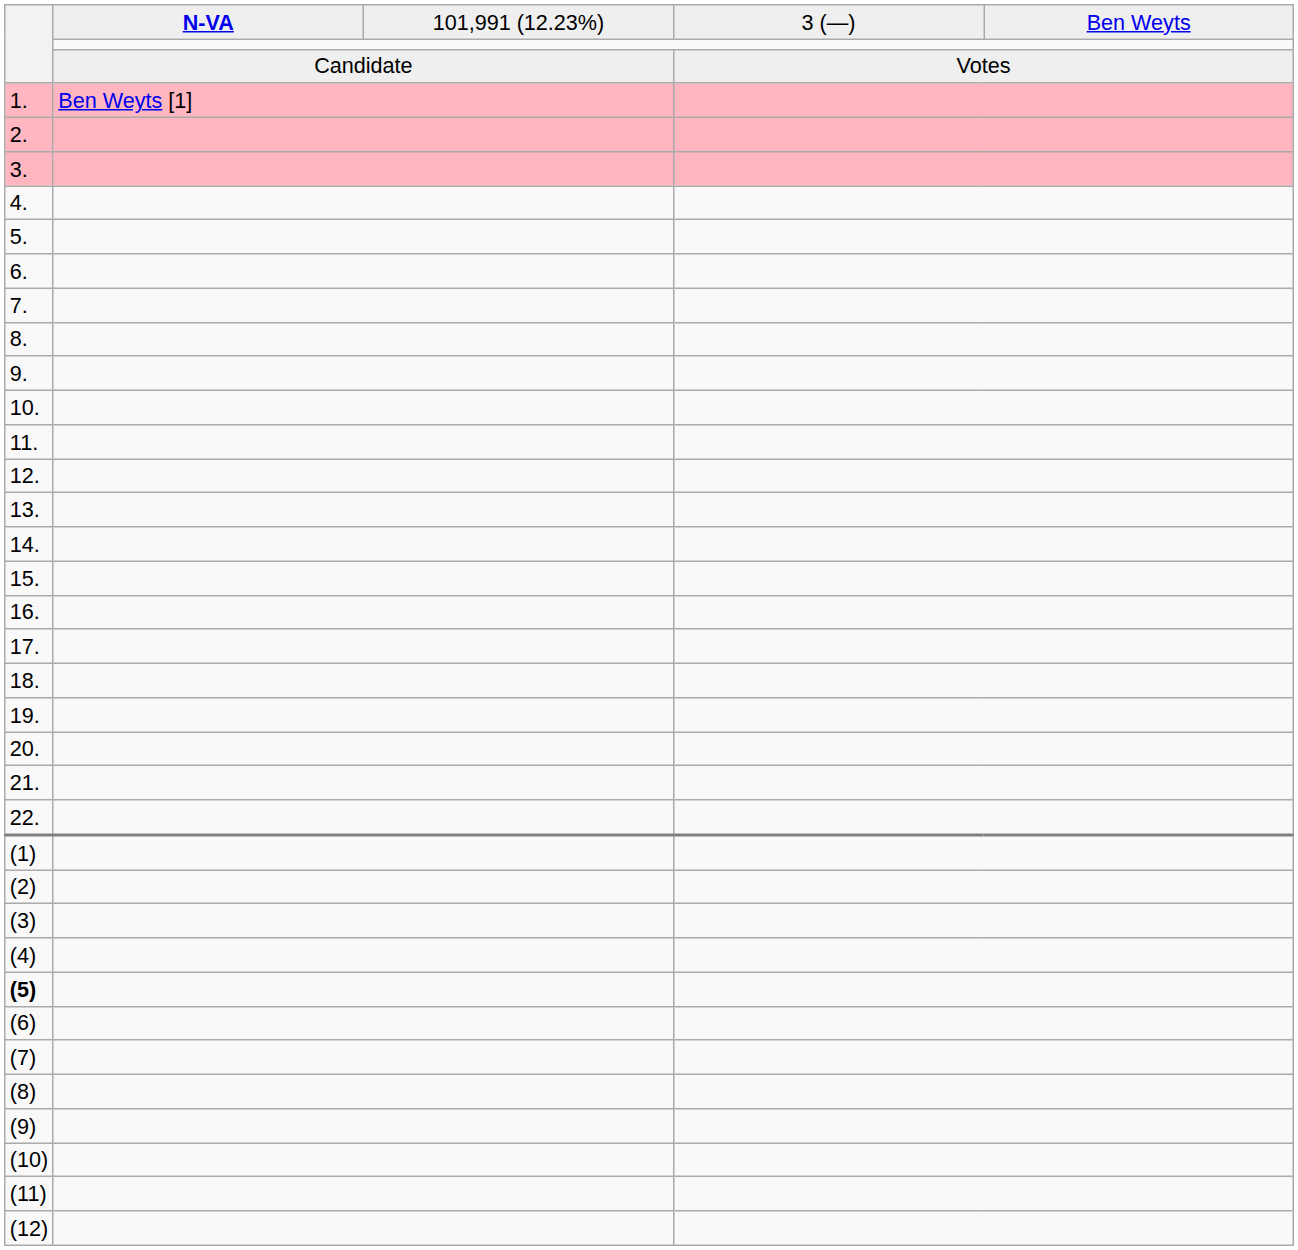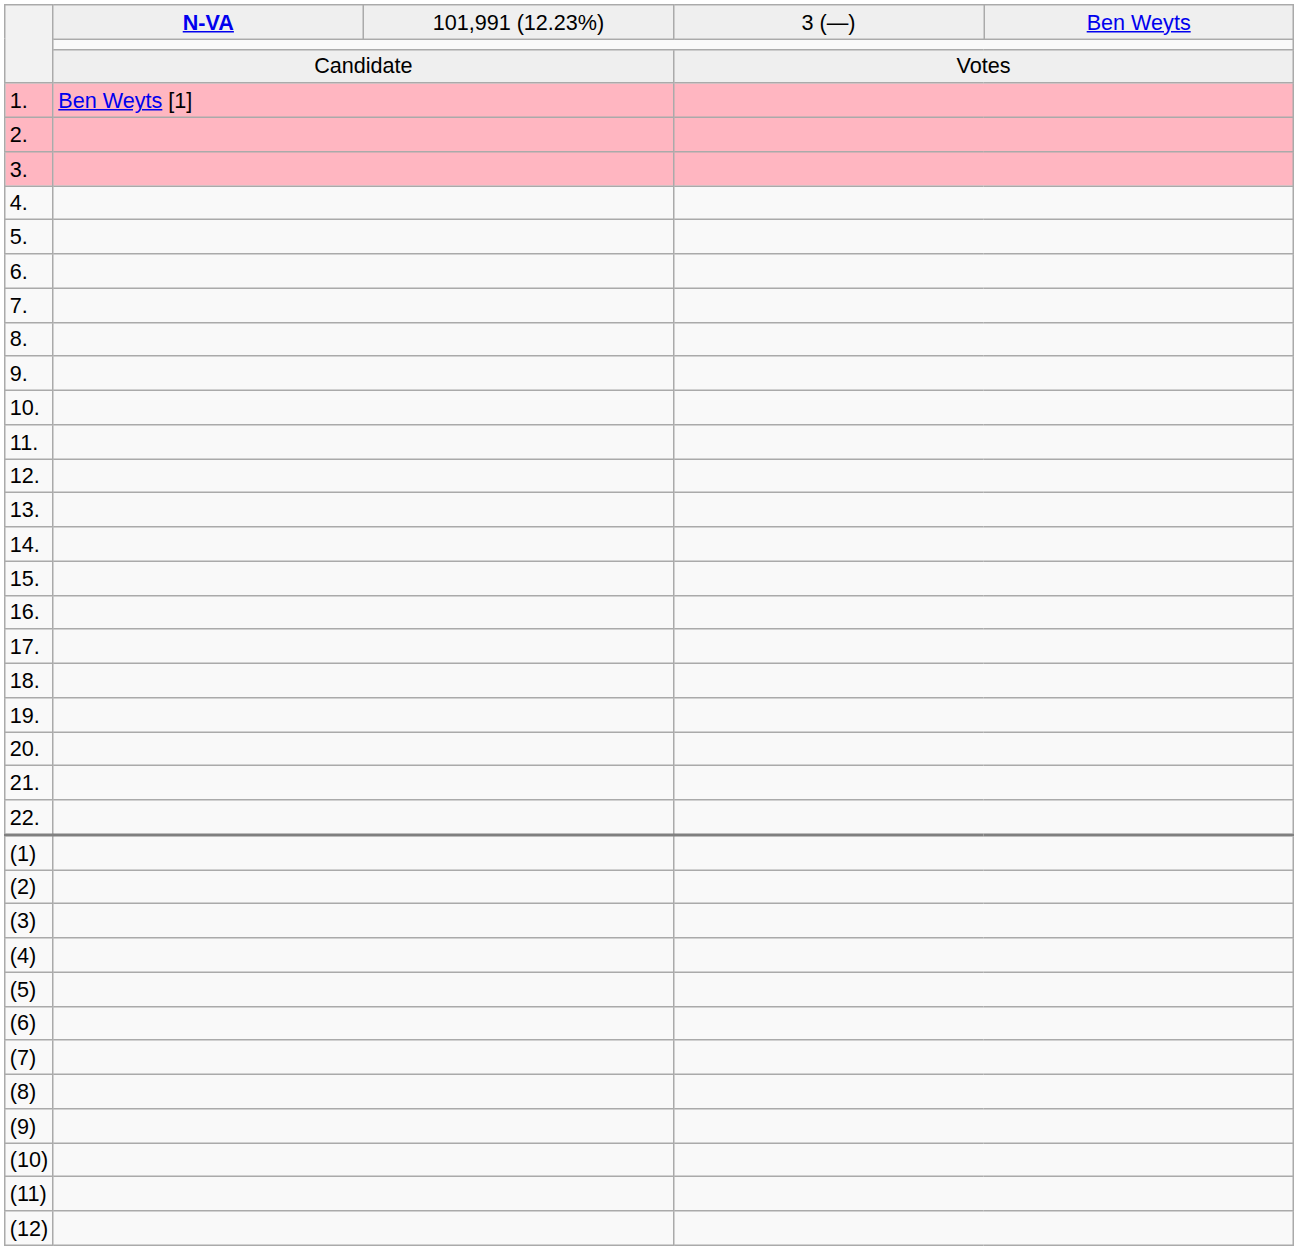 <table class="wikitable collapsible collapsed" style=text-align:left;font-size:90%>
 <tr>
 <th rowspan=3></th>
 <td bgcolor=efefef width=200 align=center><strong> <a href='#'>N-VA</a></strong></td>
 <td bgcolor=efefef width=200 align=center>101,991 (12.23%)</td>
 <td bgcolor=efefef width=200 align=center>3 (—)</td>
 <td bgcolor=efefef width=200 align=center><a href='#'>Ben Weyts</a></td>
 </tr>
 <tr>
 <td colspan=4 bgcolor=></td>
 </tr>
 <tr>
 <td bgcolor=efefef align=center colspan=2>Candidate</td>
 <td bgcolor=efefef align=center colspan=2>Votes</td>
 </tr>
 <tr bgcolor=lightpink>
 <td>1.</td>
 <td colspan=2><a href='#'>Ben Weyts</a> [1]</td>
 <td colspan=2></td>
 </tr>
 <tr bgcolor=lightpink>
 <td>2.</td>
 <td colspan=2></td>
 <td colspan=2></td>
 </tr>
 <tr bgcolor=lightpink>
 <td>3.</td>
 <td colspan=2></td>
 <td colspan=2></td>
 </tr>
 <tr>
 <td>4.</td>
 <td colspan=2></td>
 <td colspan=2></td>
 </tr>
 <tr>
 <td>5.</td>
 <td colspan=2></td>
 <td colspan=2></td>
 </tr>
 <tr>
 <td>6.</td>
 <td colspan=2></td>
 <td colspan=2></td>
 </tr>
 <tr>
 <td>7.</td>
 <td colspan=2></td>
 <td colspan=2></td>
 </tr>
 <tr>
 <td>8.</td>
 <td colspan=2></td>
 <td colspan=2></td>
 </tr>
 <tr>
 <td>9.</td>
 <td colspan=2></td>
 <td colspan=2></td>
 </tr>
 <tr>
 <td>10.</td>
 <td colspan=2></td>
 <td colspan=2></td>
 </tr>
 <tr>
 <td>11.</td>
 <td colspan=2></td>
 <td colspan=2></td>
 </tr>
 <tr>
 <td>12.</td>
 <td colspan=2></td>
 <td colspan=2></td>
 </tr>
 <tr>
 <td>13.</td>
 <td colspan=2></td>
 <td colspan=2></td>
 </tr>
 <tr>
 <td>14.</td>
 <td colspan=2></td>
 <td colspan=2></td>
 </tr>
 <tr>
 <td>15.</td>
 <td colspan=2></td>
 <td colspan=2></td>
 </tr>
 <tr>
 <td>16.</td>
 <td colspan=2></td>
 <td colspan=2></td>
 </tr>
 <tr>
 <td>17.</td>
 <td colspan=2></td>
 <td colspan=2></td>
 </tr>
 <tr>
 <td>18.</td>
 <td colspan=2></td>
 <td colspan=2></td>
 </tr>
 <tr>
 <td>19.</td>
 <td colspan=2></td>
 <td colspan=2></td>
 </tr>
 <tr>
 <td>20.</td>
 <td colspan=2></td>
 <td colspan=2></td>
 </tr>
 <tr>
 <td>21.</td>
 <td colspan=2></td>
 <td colspan=2></td>
 </tr>
 <tr>
 <td>22.</td>
 <td colspan=2></td>
 <td colspan=2></td>
 </tr>
 <tr style="border-top:2px solid gray;">
 <td>(1)</td>
 <td colspan=2></td>
 <td colspan=2></td>
 </tr>
 <tr>
 <td>(2)</td>
 <td colspan=2></td>
 <td colspan=2></td>
 </tr>
 <tr>
 <td>(3)</td>
 <td colspan=2></td>
 <td colspan=2></td>
 </tr>
 <tr>
 <td>(4)</td>
 <td colspan=2></td>
 <td colspan=2></td>
 </tr>
 <tr>
-<td><strong>(5)</strong></td>
+<td>(5)</td>
 <td colspan=2></td>
 <td colspan=2></td>
 </tr>
 <tr>
 <td>(6)</td>
 <td colspan=2></td>
 <td colspan=2></td>
 </tr>
 <tr>
 <td>(7)</td>
 <td colspan=2></td>
 <td colspan=2></td>
 </tr>
 <tr>
 <td>(8)</td>
 <td colspan=2></td>
 <td colspan=2></td>
 </tr>
 <tr>
 <td>(9)</td>
 <td colspan=2></td>
 <td colspan=2></td>
 </tr>
 <tr>
 <td>(10)</td>
 <td colspan=2></td>
 <td colspan=2></td>
 </tr>
 <tr>
 <td>(11)</td>
 <td colspan=2></td>
 <td colspan=2></td>
 </tr>
 <tr>
 <td>(12)</td>
 <td colspan=2></td>
 <td colspan=2></td>
 </tr>
 </table>
